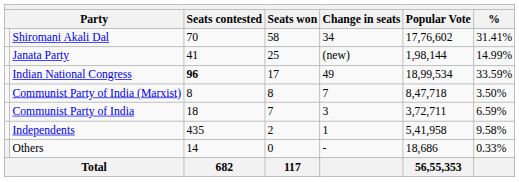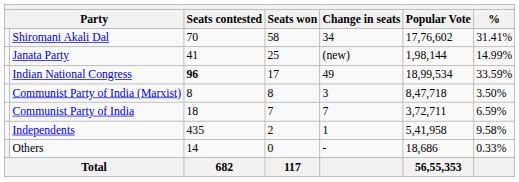 <table class="wikitable sortable">
 <tr>
 <th colspan=10></th>
 </tr>
 <tr>
 <th colspan=2>Party</th>
 <th>Seats contested</th>
 <th>Seats won</th>
 <th>Change in seats</th>
 <th>Popular Vote</th>
 <th>%</th>
 </tr>
 <tr>
 <td></td>
 <td><a href='#'>Shiromani Akali Dal</a></td>
 <td>70</td>
 <td>58</td>
 <td> 34</td>
 <td>17,76,602</td>
 <td>31.41%</td>
 </tr>
 <tr>
 <td></td>
 <td><a href='#'>Janata Party</a></td>
 <td>41</td>
 <td>25</td>
 <td>(new)</td>
 <td>1,98,144</td>
 <td>14.99%</td>
 </tr>
 <tr>
 <td></td>
 <td><a href='#'>Indian National Congress</a></td>
 <td><strong>96</strong></td>
 <td>17</td>
 <td> 49</td>
 <td>18,99,534</td>
 <td>33.59%</td>
 </tr>
 <tr>
 <td></td>
 <td><a href='#'>Communist Party of India (Marxist)</a></td>
 <td>8</td>
 <td>8</td>
-<td> 7</td>
+<td> 3</td>
 <td>8,47,718</td>
 <td>3.50%</td>
 </tr>
 <tr>
 <td></td>
 <td><a href='#'>Communist Party of India</a></td>
 <td>18</td>
 <td>7</td>
-<td> 3</td>
+<td> 7</td>
 <td>3,72,711</td>
 <td>6.59%</td>
 </tr>
 <tr>
 <td></td>
 <td><a href='#'>Independents</a></td>
 <td>435</td>
 <td>2</td>
 <td> 1</td>
 <td>5,41,958</td>
 <td>9.58%</td>
 </tr>
 <tr>
 <th></th>
 <td>Others</td>
 <td>14</td>
 <td>0</td>
 <td>-</td>
 <td>18,686</td>
 <td>0.33%</td>
 </tr>
 <tr>
 <th colspan=2>Total</th>
 <th>682</th>
 <th>117</th>
 <th></th>
 <th>56,55,353</th>
 <th></th>
 </tr>
 </table>
